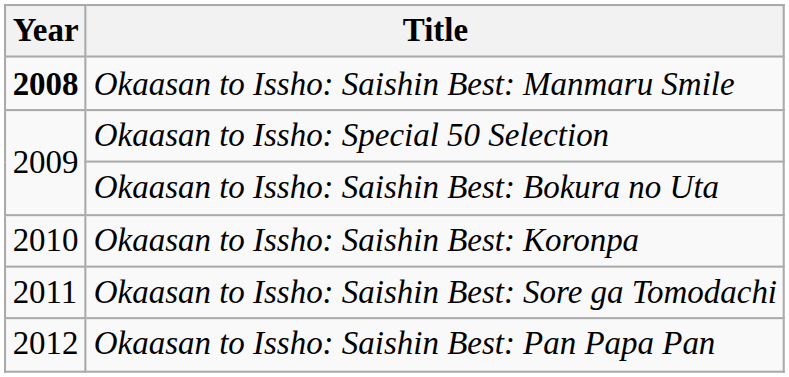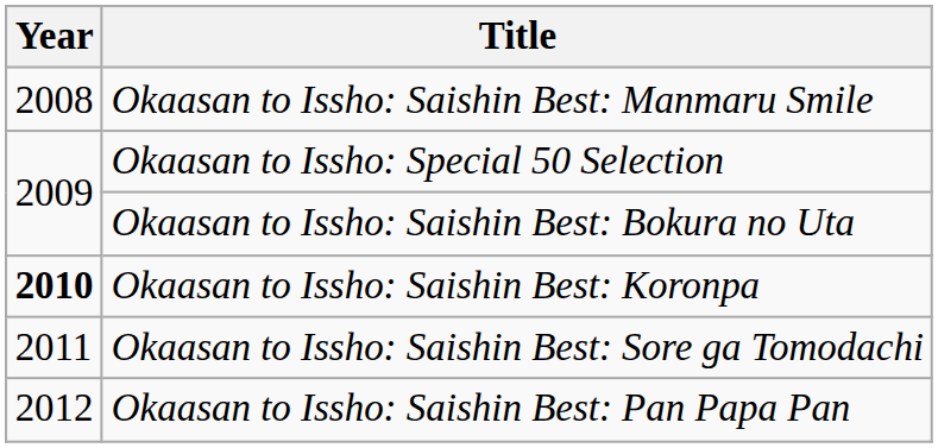 <table class="wikitable">
 <tr>
 <th>Year</th>
 <th>Title</th>
 </tr>
 <tr>
-<td><strong>2008</strong></td>
+<td>2008</td>
 <td><em>Okaasan to Issho: Saishin Best: Manmaru Smile</em></td>
 </tr>
 <tr>
 <td rowspan="2">2009</td>
 <td><em>Okaasan to Issho: Special 50 Selection</em></td>
 </tr>
 <tr>
 <td><em>Okaasan to Issho: Saishin Best: Bokura no Uta</em></td>
 </tr>
 <tr>
-<td>2010</td>
+<td><strong>2010</strong></td>
 <td><em>Okaasan to Issho: Saishin Best: Koronpa</em></td>
 </tr>
 <tr>
 <td>2011</td>
 <td><em>Okaasan to Issho: Saishin Best: Sore ga Tomodachi</em></td>
 </tr>
 <tr>
 <td>2012</td>
 <td><em>Okaasan to Issho: Saishin Best: Pan Papa Pan</em></td>
 </tr>
 </table>
